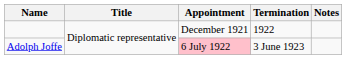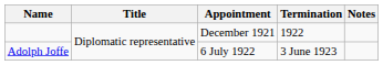 <table class="wikitable">
 <tr valign="middle">
 <th>Name</th>
 <th>Title</th>
 <th>Appointment</th>
 <th>Termination</th>
 <th>Notes</th>
 </tr>
 <tr>
 <td></td>
 <td rowspan="2">Diplomatic representative</td>
 <td>December 1921</td>
 <td>1922</td>
 <td></td>
 </tr>
 <tr>
 <td><a href='#'>Adolph Joffe</a></td>
-<td style="background: pink;">6 July 1922</td>
+<td>6 July 1922</td>
 <td>3 June 1923</td>
 <td></td>
 </tr>
 </table>
